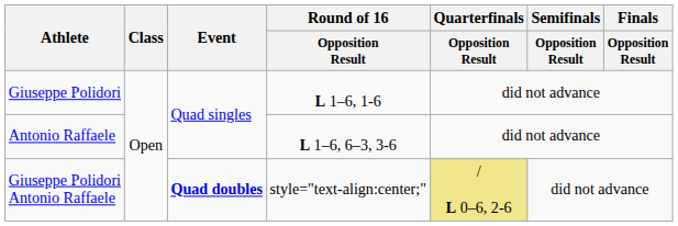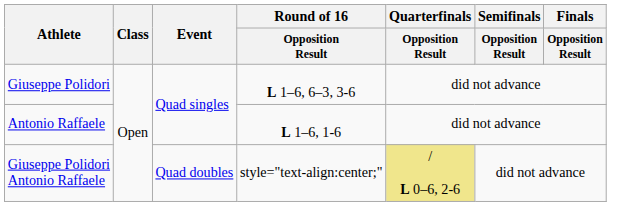 <table class=wikitable style="font-size:90%">
 <tr>
 <th rowspan="2">Athlete</th>
 <th rowspan="2">Class</th>
 <th rowspan="2">Event</th>
 <th>Round of 16</th>
 <th>Quarterfinals</th>
 <th>Semifinals</th>
 <th>Finals</th>
 </tr>
 <tr>
 <th style="line-height:1em"><small>Opposition<br>Result</small></th>
 <th style="line-height:1em"><small>Opposition<br>Result</small></th>
 <th style="line-height:1em"><small>Opposition<br>Result</small></th>
 <th style="line-height:1em"><small>Opposition<br>Result</small></th>
 </tr>
 <tr>
 <td><a href='#'>Giuseppe Polidori</a></td>
 <td rowspan="3" style="text-align:center;">Open</td>
 <td rowspan="2"><a href='#'>Quad singles</a></td>
+<td style="text-align:center;"><br><strong>L</strong> 1–6, 6–3, 3-6</td>
+<td style="text-align:center;" colspan="3">did not advance</td>
+</tr>
+<tr>
+<td><a href='#'>Antonio Raffaele</a></td>
 <td style="text-align:center;"><br><strong>L</strong> 1–6, 1-6</td>
 <td style="text-align:center;" colspan="3">did not advance</td>
 </tr>
 <tr>
-<td><a href='#'>Antonio Raffaele</a></td>
-<td style="text-align:center;"><br><strong>L</strong> 1–6, 6–3, 3-6</td>
-<td style="text-align:center;" colspan="3">did not advance</td>
-</tr>
-<tr>
 <td><a href='#'>Giuseppe Polidori</a><br> <a href='#'>Antonio Raffaele</a></td>
-<td><strong><a href='#'>Quad doubles</a></strong></td>
+<td><a href='#'>Quad doubles</a></td>
 <td>style="text-align:center;" </td>
 <td style="background: khaki; text-align:center;"> /<br><br><strong>L</strong> 0–6, 2-6</td>
 <td style="text-align:center;" colspan="2">did not advance</td>
 </tr>
 </table>
